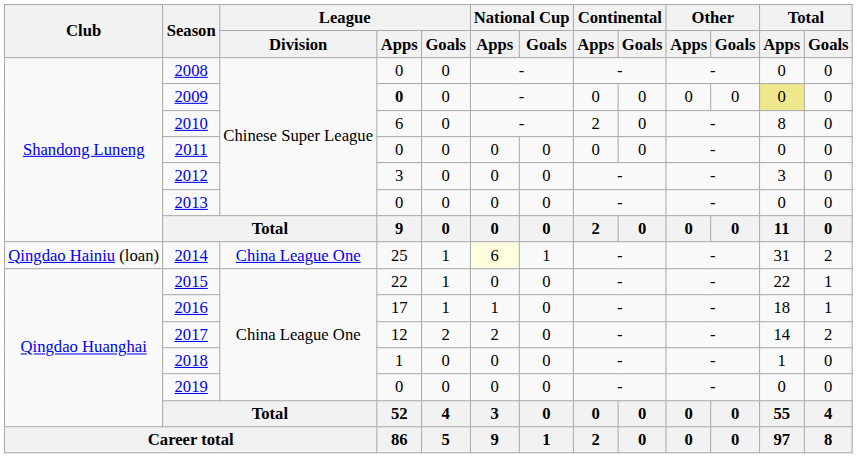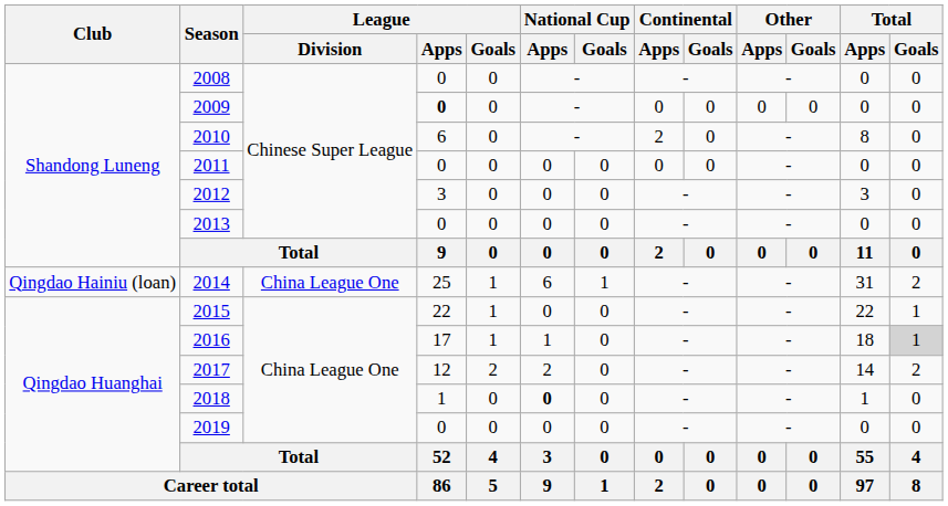 <table class="wikitable" style="text-align: center">
 <tr>
 <th rowspan="2">Club</th>
 <th rowspan="2">Season</th>
 <th colspan="3">League</th>
 <th colspan="2">National Cup</th>
 <th colspan="2">Continental</th>
 <th colspan="2">Other</th>
 <th colspan="2">Total</th>
 </tr>
 <tr>
 <th>Division</th>
 <th>Apps</th>
 <th>Goals</th>
 <th>Apps</th>
 <th>Goals</th>
 <th>Apps</th>
 <th>Goals</th>
 <th>Apps</th>
 <th>Goals</th>
 <th>Apps</th>
 <th>Goals</th>
 </tr>
 <tr>
 <td rowspan=7><a href='#'>Shandong Luneng</a></td>
 <td><a href='#'>2008</a></td>
 <td rowspan=6>Chinese Super League</td>
 <td>0</td>
 <td>0</td>
 <td colspan="2">-</td>
 <td colspan="2">-</td>
 <td colspan="2">-</td>
 <td>0</td>
 <td>0</td>
 </tr>
 <tr>
 <td><a href='#'>2009</a></td>
 <td><strong>0</strong></td>
 <td>0</td>
 <td colspan="2">-</td>
 <td>0</td>
 <td>0</td>
 <td>0</td>
 <td>0</td>
-<td style="background: khaki;">0</td>
+<td>0</td>
 <td>0</td>
 </tr>
 <tr>
 <td><a href='#'>2010</a></td>
 <td>6</td>
 <td>0</td>
 <td colspan="2">-</td>
 <td>2</td>
 <td>0</td>
 <td colspan="2">-</td>
 <td>8</td>
 <td>0</td>
 </tr>
 <tr>
 <td><a href='#'>2011</a></td>
 <td>0</td>
 <td>0</td>
 <td>0</td>
 <td>0</td>
 <td>0</td>
 <td>0</td>
 <td colspan="2">-</td>
 <td>0</td>
 <td>0</td>
 </tr>
 <tr>
 <td><a href='#'>2012</a></td>
 <td>3</td>
 <td>0</td>
 <td>0</td>
 <td>0</td>
 <td colspan="2">-</td>
 <td colspan="2">-</td>
 <td>3</td>
 <td>0</td>
 </tr>
 <tr>
 <td><a href='#'>2013</a></td>
 <td>0</td>
 <td>0</td>
 <td>0</td>
 <td>0</td>
 <td colspan="2">-</td>
 <td colspan="2">-</td>
 <td>0</td>
 <td>0</td>
 </tr>
 <tr>
 <th colspan=2>Total</th>
 <th>9</th>
 <th>0</th>
 <th>0</th>
 <th>0</th>
 <th>2</th>
 <th>0</th>
 <th>0</th>
 <th>0</th>
 <th>11</th>
 <th>0</th>
 </tr>
 <tr>
 <td><a href='#'>Qingdao Hainiu</a> (loan)</td>
 <td><a href='#'>2014</a></td>
 <td><a href='#'>China League One</a></td>
 <td>25</td>
 <td>1</td>
-<td style="background: lightyellow;">6</td>
+<td>6</td>
 <td>1</td>
 <td colspan="2">-</td>
 <td colspan="2">-</td>
 <td>31</td>
 <td>2</td>
 </tr>
 <tr>
 <td rowspan=6><a href='#'>Qingdao Huanghai</a></td>
 <td><a href='#'>2015</a></td>
 <td rowspan=5>China League One</td>
 <td>22</td>
 <td>1</td>
 <td>0</td>
 <td>0</td>
 <td colspan="2">-</td>
 <td colspan="2">-</td>
 <td>22</td>
 <td>1</td>
 </tr>
 <tr>
 <td><a href='#'>2016</a></td>
 <td>17</td>
 <td>1</td>
 <td>1</td>
 <td>0</td>
 <td colspan="2">-</td>
 <td colspan="2">-</td>
 <td>18</td>
-<td>1</td>
+<td style="background: lightgrey;">1</td>
 </tr>
 <tr>
 <td><a href='#'>2017</a></td>
 <td>12</td>
 <td>2</td>
 <td>2</td>
 <td>0</td>
 <td colspan="2">-</td>
 <td colspan="2">-</td>
 <td>14</td>
 <td>2</td>
 </tr>
 <tr>
 <td><a href='#'>2018</a></td>
 <td>1</td>
 <td>0</td>
-<td>0</td>
+<td><strong>0</strong></td>
 <td>0</td>
 <td colspan="2">-</td>
 <td colspan="2">-</td>
 <td>1</td>
 <td>0</td>
 </tr>
 <tr>
 <td><a href='#'>2019</a></td>
 <td>0</td>
 <td>0</td>
 <td>0</td>
 <td>0</td>
 <td colspan="2">-</td>
 <td colspan="2">-</td>
 <td>0</td>
 <td>0</td>
 </tr>
 <tr>
 <th colspan=2>Total</th>
 <th>52</th>
 <th>4</th>
 <th>3</th>
 <th>0</th>
 <th>0</th>
 <th>0</th>
 <th>0</th>
 <th>0</th>
 <th>55</th>
 <th>4</th>
 </tr>
 <tr>
 <th colspan=3>Career total</th>
 <th>86</th>
 <th>5</th>
 <th>9</th>
 <th>1</th>
 <th>2</th>
 <th>0</th>
 <th>0</th>
 <th>0</th>
 <th>97</th>
 <th>8</th>
 </tr>
 </table>
